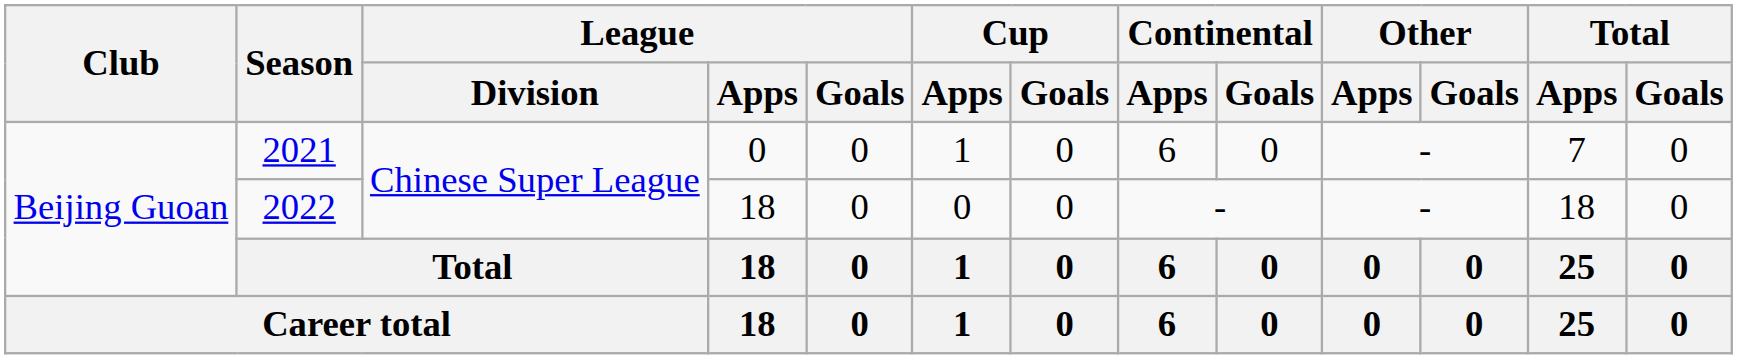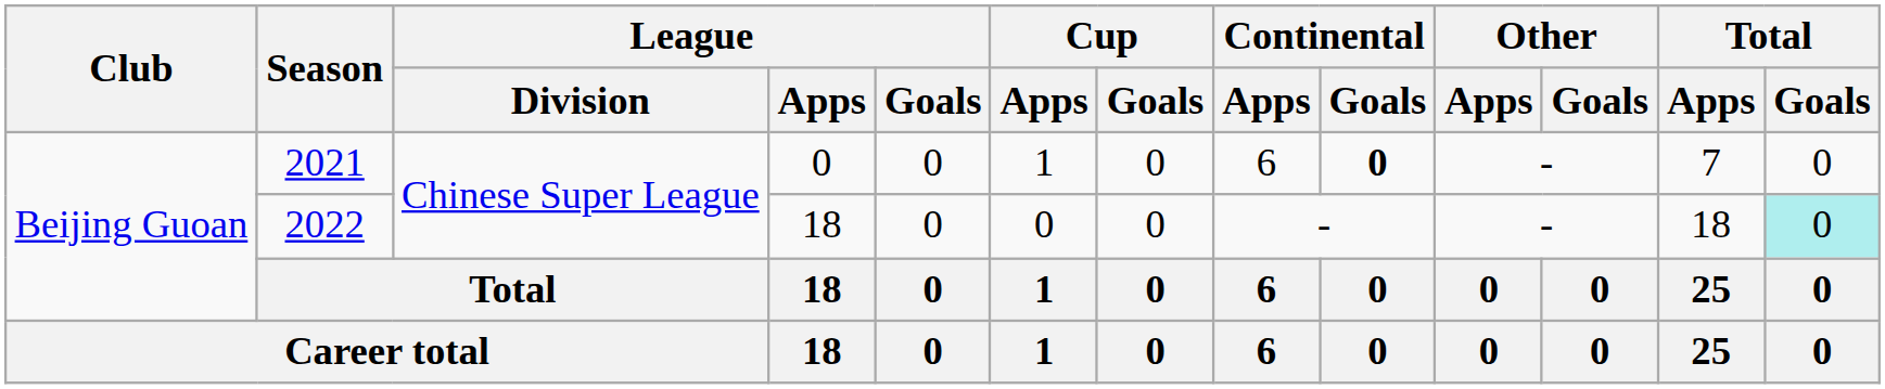 <table class="wikitable" style="text-align: center">
 <tr>
 <th rowspan="2">Club</th>
 <th rowspan="2">Season</th>
 <th colspan="3">League</th>
 <th colspan="2">Cup</th>
 <th colspan="2">Continental</th>
 <th colspan="2">Other</th>
 <th colspan="2">Total</th>
 </tr>
 <tr>
 <th>Division</th>
 <th>Apps</th>
 <th>Goals</th>
 <th>Apps</th>
 <th>Goals</th>
 <th>Apps</th>
 <th>Goals</th>
 <th>Apps</th>
 <th>Goals</th>
 <th>Apps</th>
 <th>Goals</th>
 </tr>
 <tr>
 <td rowspan=3><a href='#'>Beijing Guoan</a></td>
 <td><a href='#'>2021</a></td>
 <td rowspan=2><a href='#'>Chinese Super League</a></td>
 <td>0</td>
 <td>0</td>
 <td>1</td>
 <td>0</td>
 <td>6</td>
-<td>0</td>
+<td><strong>0</strong></td>
 <td colspan="2">-</td>
 <td>7</td>
 <td>0</td>
 </tr>
 <tr>
 <td><a href='#'>2022</a></td>
 <td>18</td>
 <td>0</td>
 <td>0</td>
 <td>0</td>
 <td colspan="2">-</td>
 <td colspan="2">-</td>
 <td>18</td>
-<td>0</td>
+<td style="background: paleturquoise;">0</td>
 </tr>
 <tr>
 <th colspan=2>Total</th>
 <th>18</th>
 <th>0</th>
 <th>1</th>
 <th>0</th>
 <th>6</th>
 <th>0</th>
 <th>0</th>
 <th>0</th>
 <th>25</th>
 <th>0</th>
 </tr>
 <tr>
 <th colspan=3>Career total</th>
 <th>18</th>
 <th>0</th>
 <th>1</th>
 <th>0</th>
 <th>6</th>
 <th>0</th>
 <th>0</th>
 <th>0</th>
 <th>25</th>
 <th>0</th>
 </tr>
 </table>
